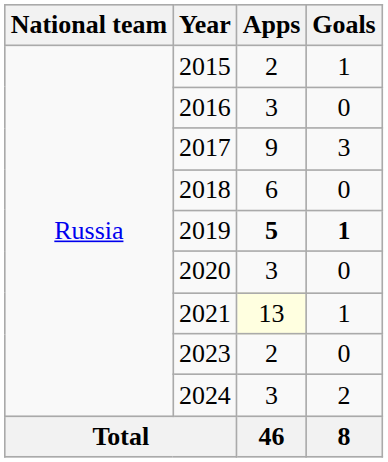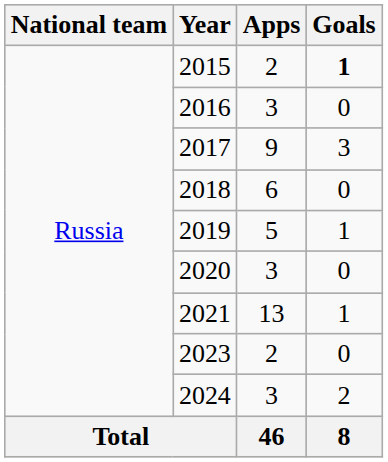 <table class="wikitable" style="text-align:center">
 <tr>
 <th>National team</th>
 <th>Year</th>
 <th>Apps</th>
 <th>Goals</th>
 </tr>
 <tr>
 <td rowspan="9"><a href='#'>Russia</a></td>
 <td>2015</td>
 <td>2</td>
-<td>1</td>
+<td><strong>1</strong></td>
 </tr>
 <tr>
 <td>2016</td>
 <td>3</td>
 <td>0</td>
 </tr>
 <tr>
 <td>2017</td>
 <td>9</td>
 <td>3</td>
 </tr>
 <tr>
 <td>2018</td>
 <td>6</td>
 <td>0</td>
 </tr>
 <tr>
 <td>2019</td>
-<td><strong>5</strong></td>
-<td><strong>1</strong></td>
+<td>5</td>
+<td>1</td>
 </tr>
 <tr>
 <td>2020</td>
 <td>3</td>
 <td>0</td>
 </tr>
 <tr>
 <td>2021</td>
-<td style="background: lightyellow;">13</td>
+<td>13</td>
 <td>1</td>
 </tr>
 <tr>
 <td>2023</td>
 <td>2</td>
 <td>0</td>
 </tr>
 <tr>
 <td>2024</td>
 <td>3</td>
 <td>2</td>
 </tr>
 <tr>
 <th colspan="2">Total</th>
 <th>46</th>
 <th>8</th>
 </tr>
 </table>
